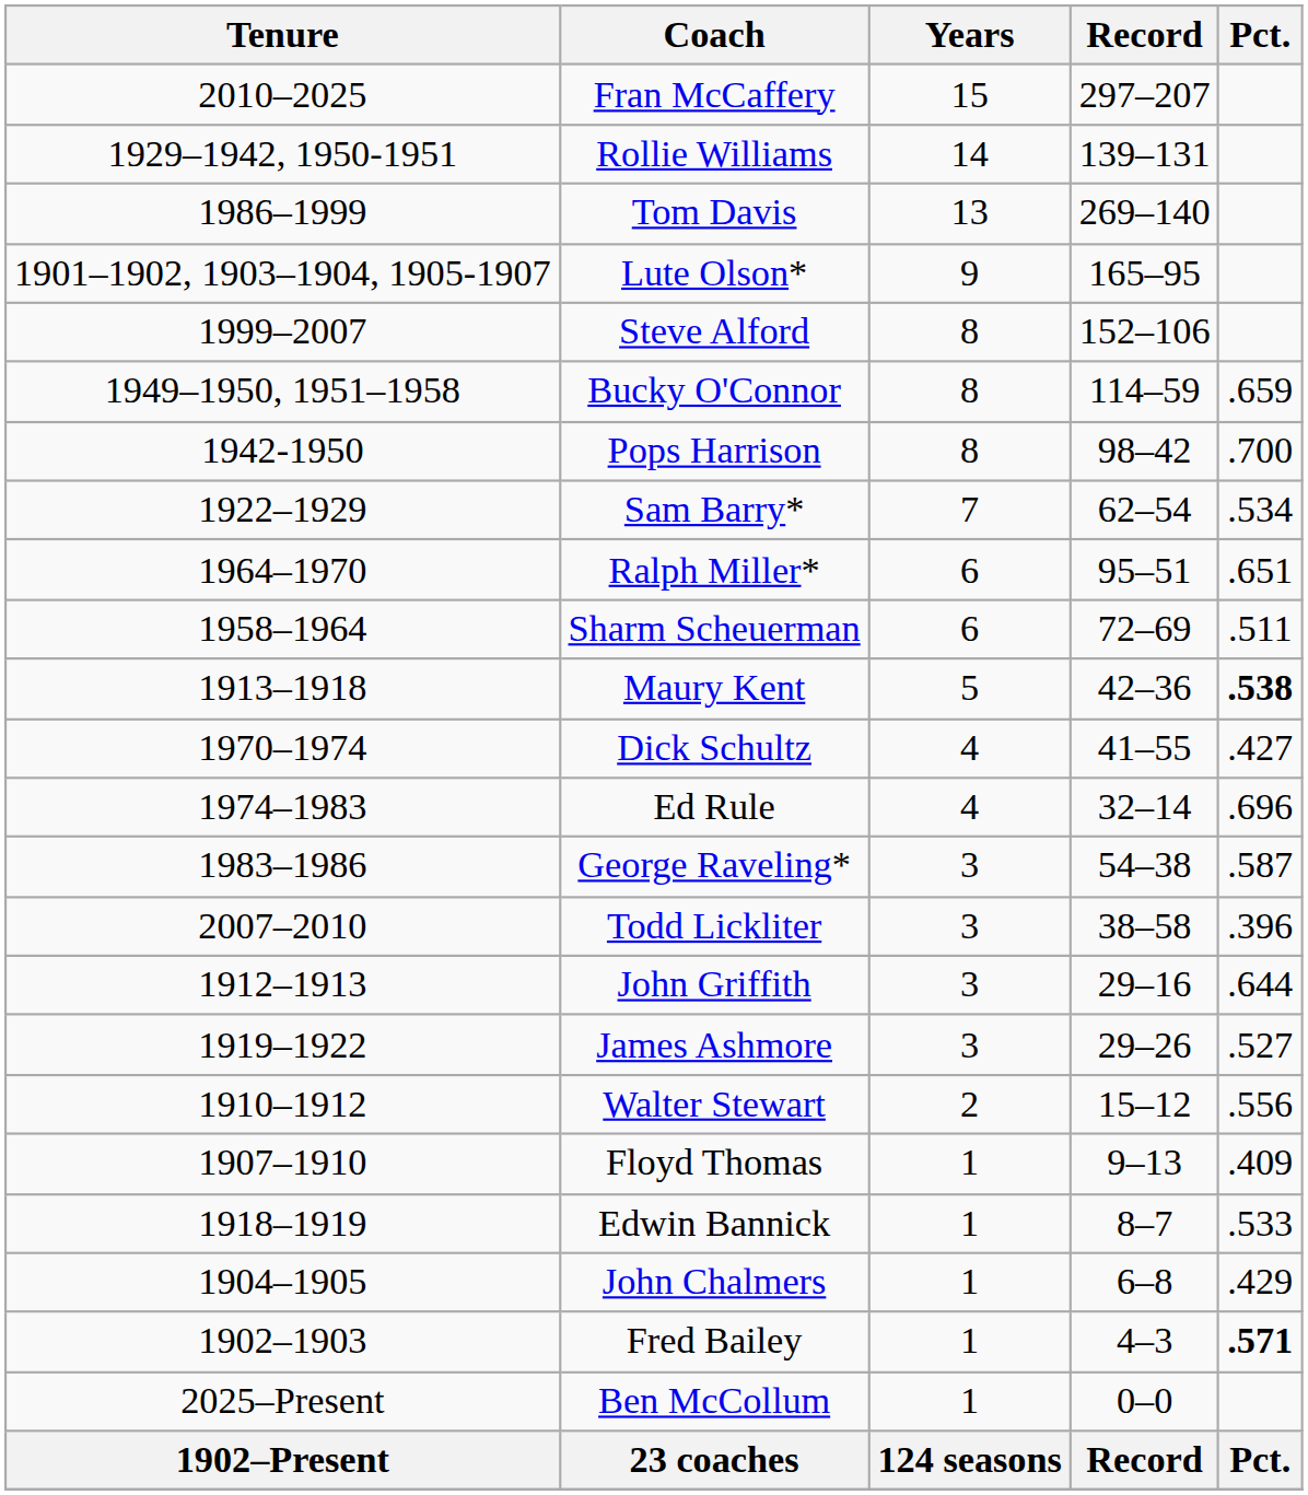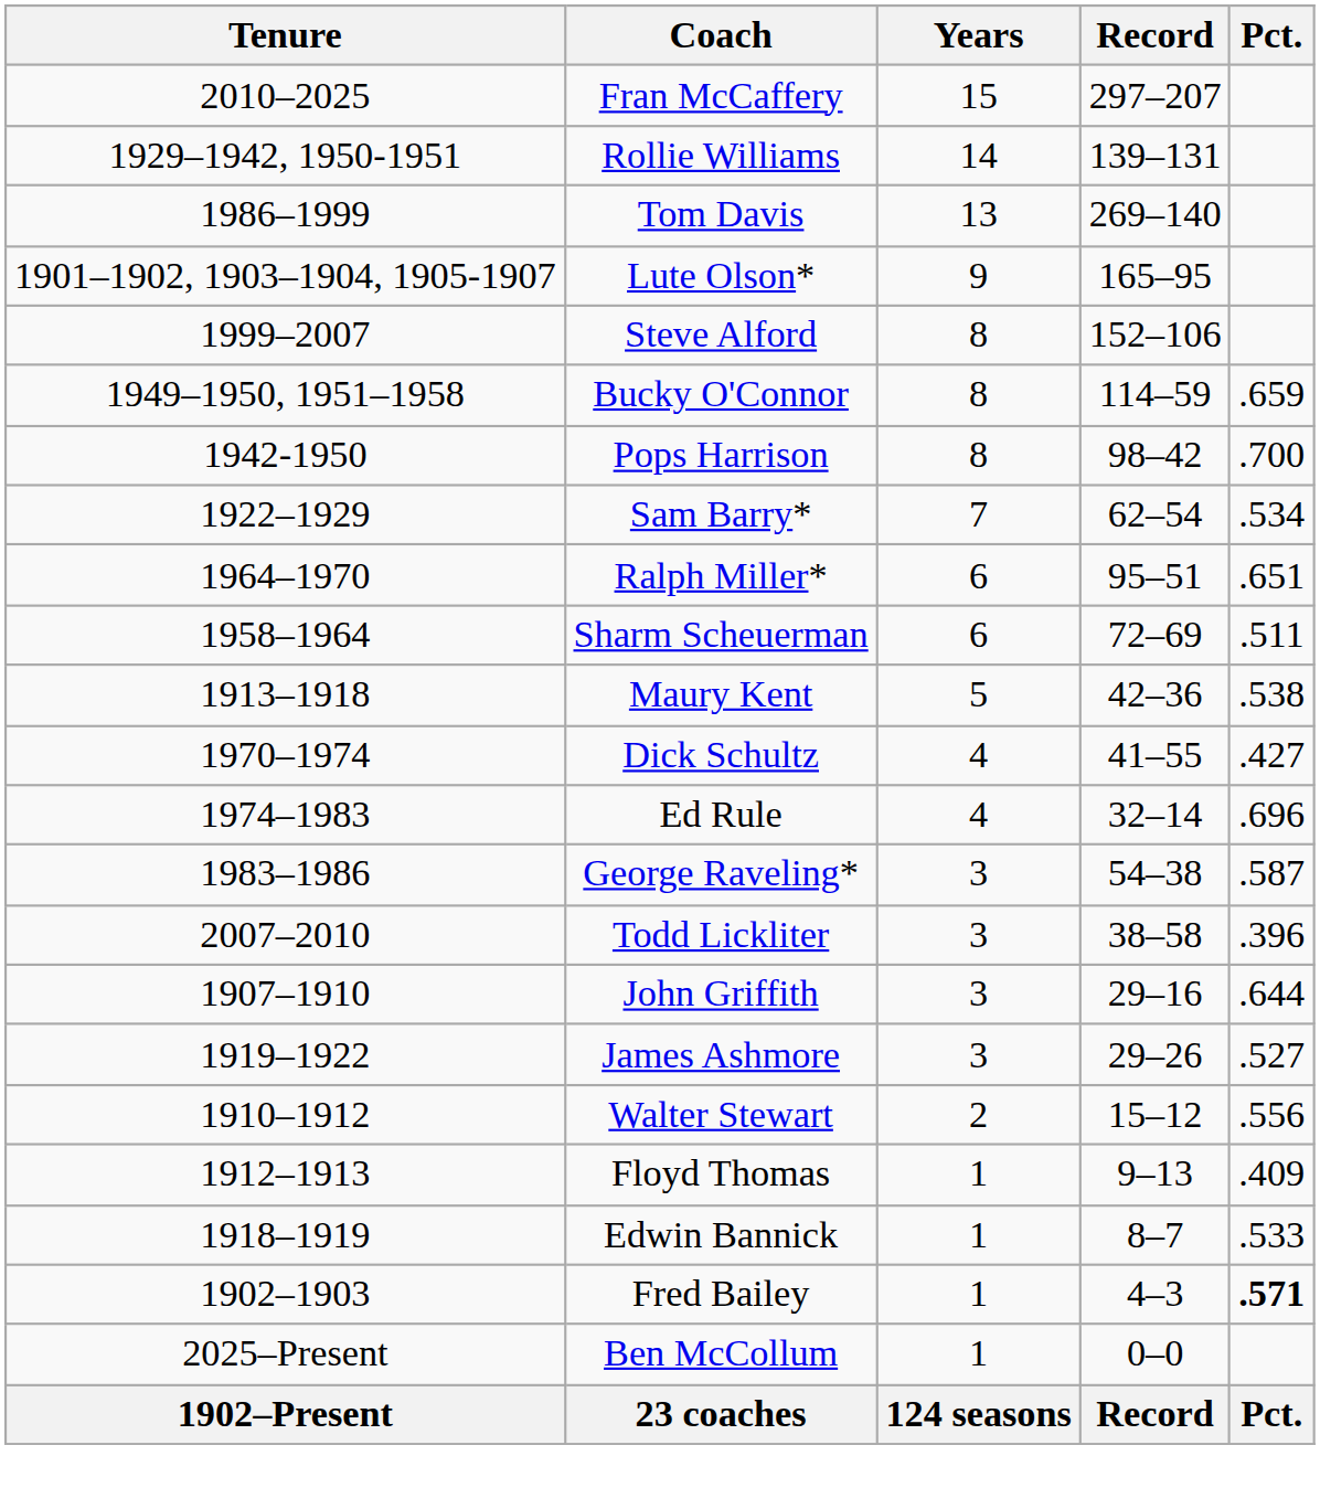 <table class="wikitable sortable" style="text-align:center">
 <tr>
 <th>Tenure</th>
 <th>Coach</th>
 <th>Years</th>
 <th>Record</th>
 <th>Pct.</th>
 </tr>
 <tr>
 <td>2010–2025</td>
 <td><a href='#'>Fran McCaffery</a></td>
 <td>15</td>
 <td>297–207</td>
 <td></td>
 </tr>
 <tr>
 <td>1929–1942, 1950-1951</td>
 <td><a href='#'>Rollie Williams</a></td>
 <td>14</td>
 <td>139–131</td>
 <td></td>
 </tr>
 <tr>
 <td>1986–1999</td>
 <td><a href='#'>Tom Davis</a></td>
 <td>13</td>
 <td>269–140</td>
 <td></td>
 </tr>
 <tr>
 <td>1901–1902, 1903–1904, 1905-1907</td>
 <td><a href='#'>Lute Olson</a>*</td>
 <td>9</td>
 <td>165–95</td>
 <td></td>
 </tr>
 <tr>
 <td>1999–2007</td>
 <td><a href='#'>Steve Alford</a></td>
 <td>8</td>
 <td>152–106</td>
 <td></td>
 </tr>
 <tr>
 <td>1949–1950, 1951–1958</td>
 <td><a href='#'>Bucky O'Connor</a></td>
 <td>8</td>
 <td>114–59</td>
 <td>.659</td>
 </tr>
 <tr>
 <td>1942-1950</td>
 <td><a href='#'>Pops Harrison</a></td>
 <td>8</td>
 <td>98–42</td>
 <td>.700</td>
 </tr>
 <tr>
 <td>1922–1929</td>
 <td><a href='#'>Sam Barry</a>*</td>
 <td>7</td>
 <td>62–54</td>
 <td>.534</td>
 </tr>
 <tr>
 <td>1964–1970</td>
 <td><a href='#'>Ralph Miller</a>*</td>
 <td>6</td>
 <td>95–51</td>
 <td>.651</td>
 </tr>
 <tr>
 <td>1958–1964</td>
 <td><a href='#'>Sharm Scheuerman</a></td>
 <td>6</td>
 <td>72–69</td>
 <td>.511</td>
 </tr>
 <tr>
 <td>1913–1918</td>
 <td><a href='#'>Maury Kent</a></td>
 <td>5</td>
 <td>42–36</td>
-<td><strong>.538</strong></td>
+<td>.538</td>
 </tr>
 <tr>
 <td>1970–1974</td>
 <td><a href='#'>Dick Schultz</a></td>
 <td>4</td>
 <td>41–55</td>
 <td>.427</td>
 </tr>
 <tr>
 <td>1974–1983</td>
 <td>Ed Rule</td>
 <td>4</td>
 <td>32–14</td>
 <td>.696</td>
 </tr>
 <tr>
 <td>1983–1986</td>
 <td><a href='#'>George Raveling</a>*</td>
 <td>3</td>
 <td>54–38</td>
 <td>.587</td>
 </tr>
 <tr>
 <td>2007–2010</td>
 <td><a href='#'>Todd Lickliter</a></td>
 <td>3</td>
 <td>38–58</td>
 <td>.396</td>
 </tr>
 <tr>
-<td>1912–1913</td>
+<td>1907–1910</td>
 <td><a href='#'>John Griffith</a></td>
 <td>3</td>
 <td>29–16</td>
 <td>.644</td>
 </tr>
 <tr>
 <td>1919–1922</td>
 <td><a href='#'>James Ashmore</a></td>
 <td>3</td>
 <td>29–26</td>
 <td>.527</td>
 </tr>
 <tr>
 <td>1910–1912</td>
 <td><a href='#'>Walter Stewart</a></td>
 <td>2</td>
 <td>15–12</td>
 <td>.556</td>
 </tr>
 <tr>
-<td>1907–1910</td>
+<td>1912–1913</td>
 <td>Floyd Thomas</td>
 <td>1</td>
 <td>9–13</td>
 <td>.409</td>
 </tr>
 <tr>
 <td>1918–1919</td>
 <td>Edwin Bannick</td>
 <td>1</td>
 <td>8–7</td>
 <td>.533</td>
-</tr>
-<tr>
-<td>1904–1905</td>
-<td><a href='#'>John Chalmers</a></td>
-<td>1</td>
-<td>6–8</td>
-<td>.429</td>
 </tr>
 <tr>
 <td>1902–1903</td>
 <td>Fred Bailey</td>
 <td>1</td>
 <td>4–3</td>
 <td><strong>.571</strong></td>
 </tr>
 <tr>
 <td>2025–Present</td>
 <td><a href='#'>Ben McCollum</a></td>
 <td>1</td>
 <td>0–0</td>
 <td></td>
 </tr>
 <tr>
 <th>1902–Present</th>
 <th>23 coaches</th>
 <th>124 seasons</th>
 <th>Record</th>
 <th>Pct.</th>
 </tr>
 <tr>
 </tr>
 </table>
